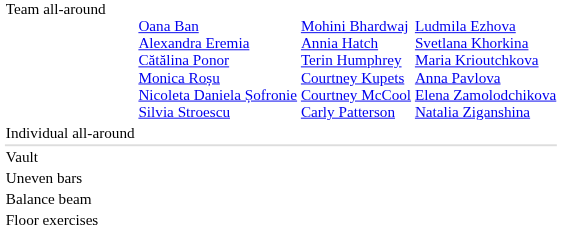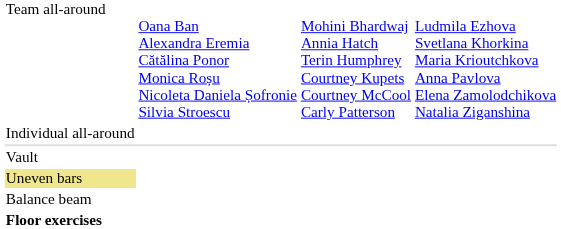 <table>
 <tr valign="top">
 <td>Team all-around<br></td>
 <td><br><a href='#'>Oana Ban</a><br><a href='#'>Alexandra Eremia</a><br><a href='#'>Cătălina Ponor</a><br><a href='#'>Monica Roșu</a><br><a href='#'>Nicoleta Daniela Șofronie</a><br><a href='#'>Silvia Stroescu</a></td>
 <td><br><a href='#'>Mohini Bhardwaj</a><br><a href='#'>Annia Hatch</a><br><a href='#'>Terin Humphrey</a><br><a href='#'>Courtney Kupets</a><br><a href='#'>Courtney McCool</a><br><a href='#'>Carly Patterson</a></td>
 <td><br><a href='#'>Ludmila Ezhova</a><br><a href='#'>Svetlana Khorkina</a><br><a href='#'>Maria Krioutchkova</a><br><a href='#'>Anna Pavlova</a><br><a href='#'>Elena Zamolodchikova</a><br><a href='#'>Natalia Ziganshina</a></td>
 </tr>
 <tr valign="top">
 <td>Individual all-around<br></td>
 <td></td>
 <td></td>
 <td></td>
 </tr>
 <tr bgcolor=#DDDDDD>
 <td colspan=7></td>
 </tr>
 <tr>
 <td>Vault<br></td>
 <td></td>
 <td></td>
 <td></td>
 </tr>
 <tr>
-<td>Uneven bars<br></td>
+<td style="background: khaki;">Uneven bars<br></td>
 <td></td>
 <td></td>
 <td></td>
 </tr>
 <tr>
 <td>Balance beam<br></td>
 <td></td>
 <td></td>
 <td></td>
 </tr>
 <tr>
-<td>Floor exercises<br></td>
+<td><strong>Floor exercises<br></strong></td>
 <td></td>
 <td></td>
 <td></td>
 </tr>
 </table>
